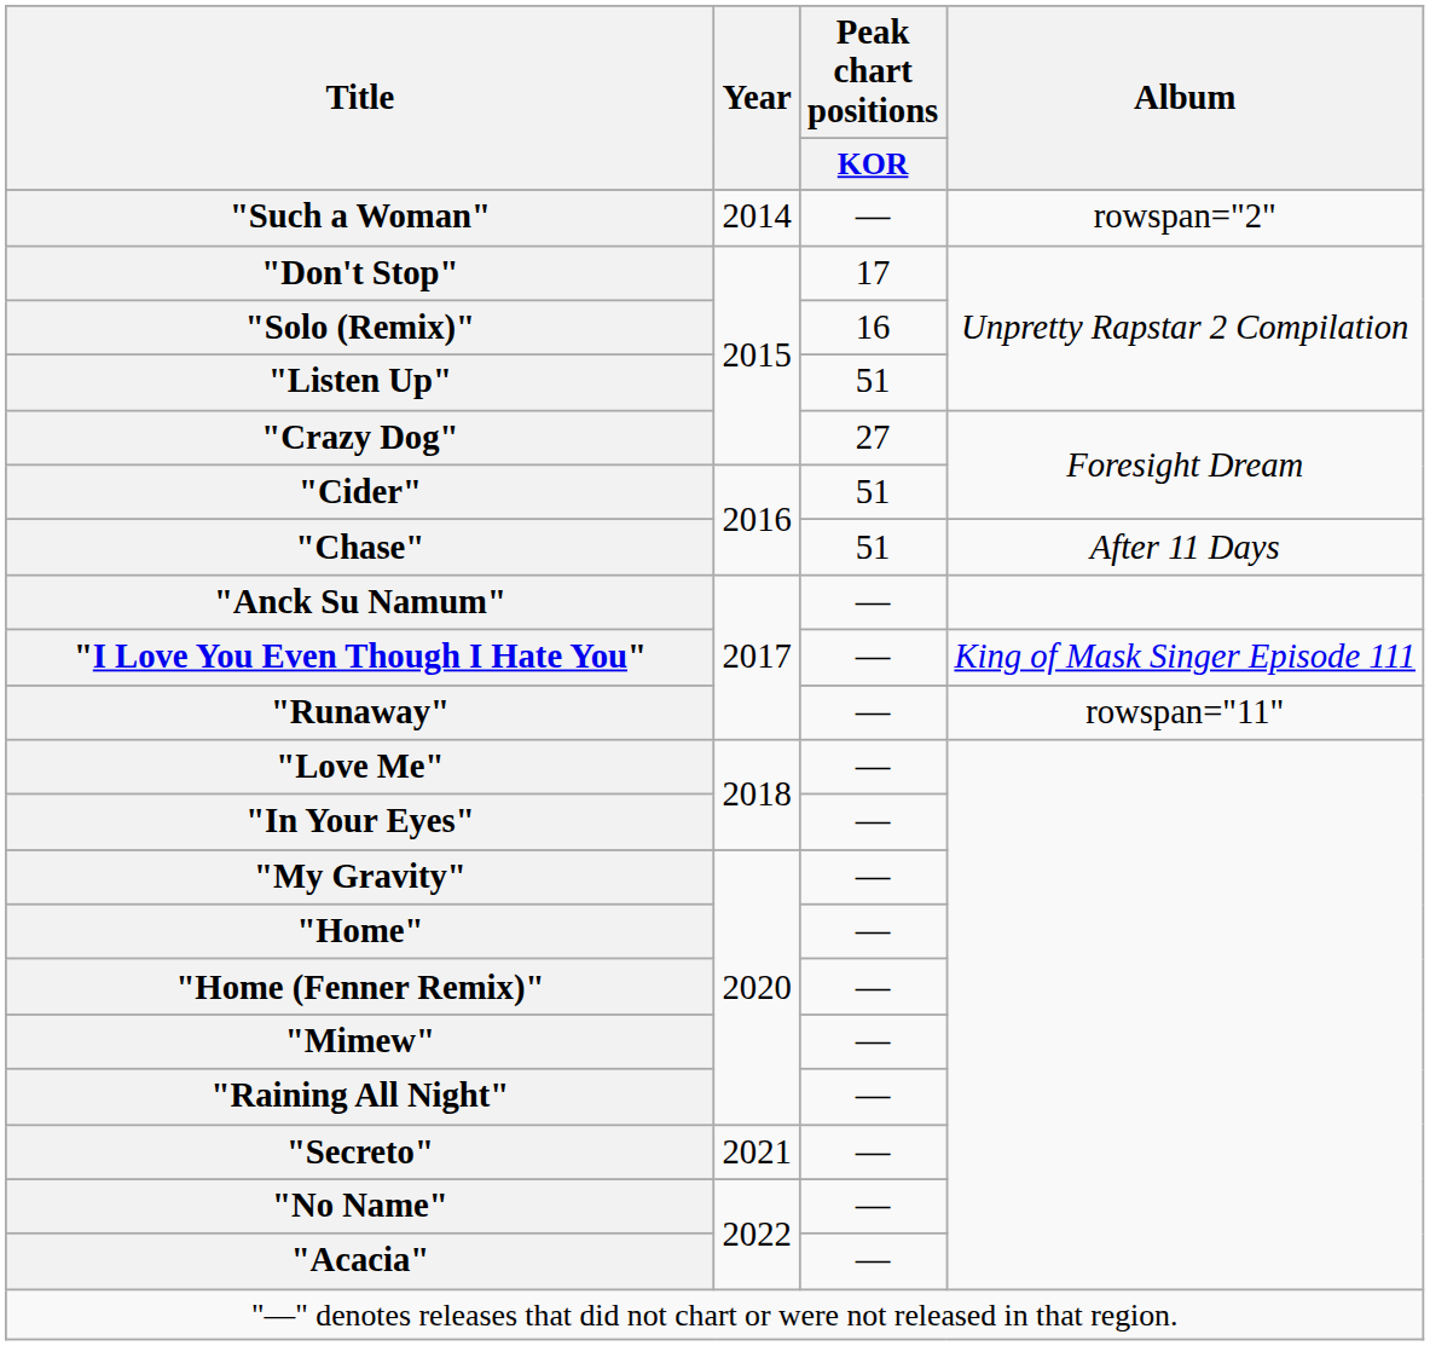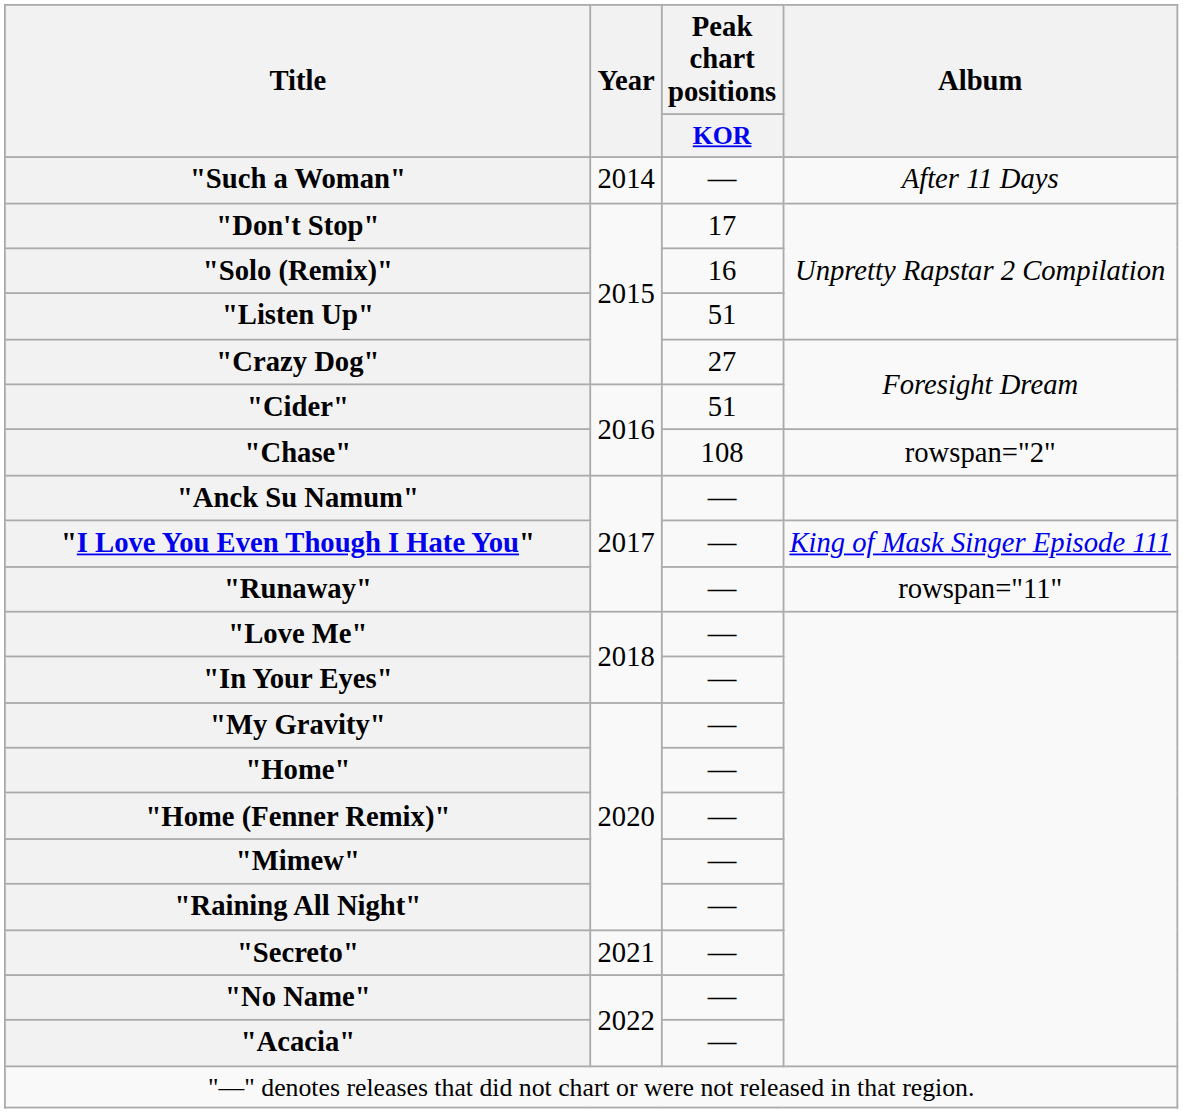 <table class="wikitable plainrowheaders" style="text-align:center;" border="1">
 <tr>
 <th scope="col" rowspan="2" style="width:20em;">Title</th>
 <th scope="col" rowspan="2">Year</th>
 <th scope="col" colspan="1">Peak chart positions</th>
 <th scope="col" rowspan="2">Album</th>
 </tr>
 <tr>
 <th scope="col" style="width:3em;font-size:90%;"><a href='#'>KOR</a><br></th>
 </tr>
 <tr>
 <th scope="row">"Such a Woman" <br></th>
 <td>2014</td>
 <td>—</td>
-<td>rowspan="2" </td>
+<td><em>After 11 Days</em></td>
 </tr>
 <tr>
 <th scope="row">"Don't Stop" <br></th>
 <td rowspan="4">2015</td>
 <td>17</td>
 <td rowspan="3"><em>Unpretty Rapstar 2 Compilation</em></td>
 </tr>
 <tr>
 <th scope="row">"Solo (Remix)" <br></th>
 <td>16</td>
 </tr>
 <tr>
 <th scope="row">"Listen Up" <br></th>
 <td>51</td>
 </tr>
 <tr>
 <th scope="row">"Crazy Dog" <br></th>
 <td>27</td>
 <td rowspan="2"><em>Foresight Dream</em></td>
 </tr>
 <tr>
 <th scope="row">"Cider" </th>
 <td rowspan="2">2016</td>
 <td>51</td>
 </tr>
 <tr>
 <th scope="row">"Chase" <br></th>
-<td>51</td>
-<td><em>After 11 Days</em></td>
+<td>108</td>
+<td>rowspan="2" </td>
 </tr>
 <tr>
 <th scope="row">"Anck Su Namum" </th>
 <td rowspan="3">2017</td>
 <td>—</td>
 </tr>
 <tr>
 <th scope="row">"<a href='#'>I Love You Even Though I Hate You</a>" <br></th>
 <td>—</td>
 <td><em><a href='#'>King of Mask Singer Episode 111</a></em></td>
 </tr>
 <tr>
 <th scope="row">"Runaway" <br></th>
 <td>—</td>
 <td>rowspan="11" </td>
 </tr>
 <tr>
 <th scope="row">"Love Me" <br></th>
 <td rowspan="2">2018</td>
 <td>—</td>
 </tr>
 <tr>
 <th scope="row">"In Your Eyes" <br></th>
 <td>—</td>
 </tr>
 <tr>
 <th scope="row">"My Gravity"</th>
 <td rowspan="5">2020</td>
 <td>—</td>
 </tr>
 <tr>
 <th scope="row">"Home"</th>
 <td>—</td>
 </tr>
 <tr>
 <th scope="row">"Home (Fenner Remix)"</th>
 <td>—</td>
 </tr>
 <tr>
 <th scope="row">"Mimew" </th>
 <td>—</td>
 </tr>
 <tr>
 <th scope="row">"Raining All Night"</th>
 <td>—</td>
 </tr>
 <tr>
 <th scope="row">"Secreto"</th>
 <td>2021</td>
 <td>—</td>
 </tr>
 <tr>
 <th scope="row">"No Name"</th>
 <td rowspan="2">2022</td>
 <td>—</td>
 </tr>
 <tr>
 <th scope="row">"Acacia" </th>
 <td>—</td>
 </tr>
 <tr>
 <td colspan="6" style="font-size:90%">"—" denotes releases that did not chart or were not released in that region.</td>
 </tr>
 </table>
